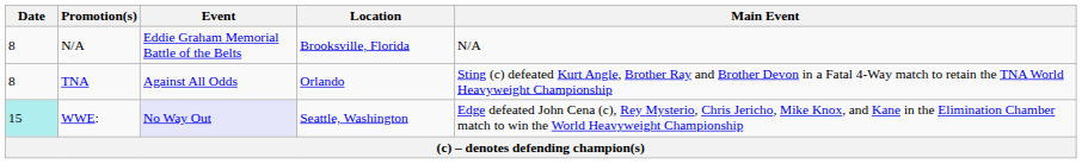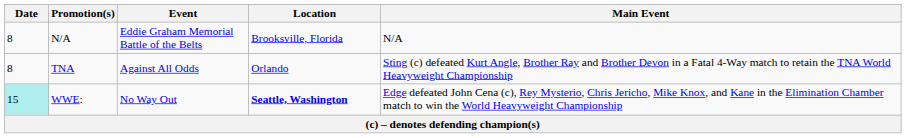 <table class="wikitable" style="width:100%;">
 <tr>
 <th width=5%>Date</th>
 <th width=5%>Promotion(s)</th>
 <th width=15%>Event</th>
 <th width=15%>Location</th>
 <th width=60%>Main Event</th>
 </tr>
 <tr>
 <td>8</td>
 <td>N/A</td>
 <td><a href='#'>Eddie Graham Memorial Battle of the Belts</a></td>
 <td><a href='#'>Brooksville, Florida</a></td>
 <td>N/A</td>
 </tr>
 <tr>
 <td>8</td>
 <td><a href='#'>TNA</a></td>
 <td><a href='#'>Against All Odds</a></td>
 <td><a href='#'>Orlando</a></td>
 <td><a href='#'>Sting</a> (c) defeated <a href='#'>Kurt Angle</a>, <a href='#'>Brother Ray</a> and <a href='#'>Brother Devon</a> in a Fatal 4-Way match to retain the <a href='#'>TNA World Heavyweight Championship</a></td>
 </tr>
 <tr>
 <td style="background: paleturquoise;">15</td>
 <td><a href='#'>WWE</a>:<br></td>
-<td style="background: lavender;"><a href='#'>No Way Out</a></td>
-<td><a href='#'>Seattle, Washington</a></td>
+<td><a href='#'>No Way Out</a></td>
+<td><strong><a href='#'>Seattle, Washington</a></strong></td>
 <td><a href='#'>Edge</a> defeated John Cena (c), <a href='#'>Rey Mysterio</a>, <a href='#'>Chris Jericho</a>, <a href='#'>Mike Knox</a>, and <a href='#'>Kane</a> in the <a href='#'>Elimination Chamber</a> match to win the <a href='#'>World Heavyweight Championship</a></td>
 </tr>
 <tr>
 <th colspan="6">(c) – denotes defending champion(s)</th>
 </tr>
 </table>
